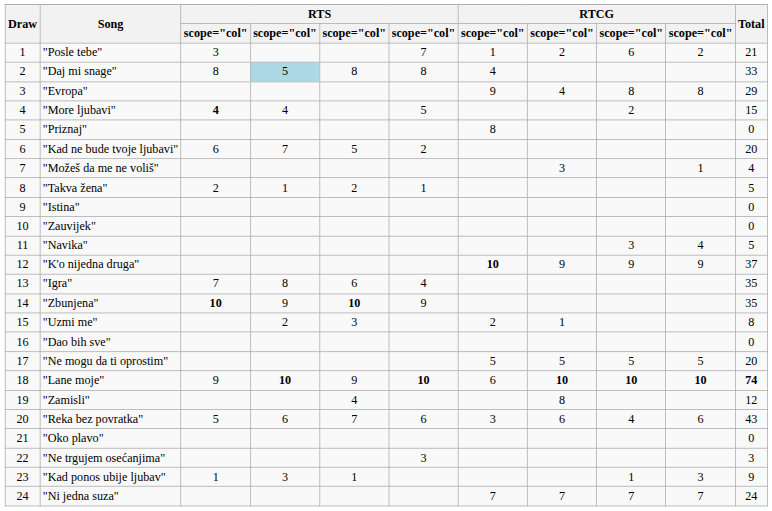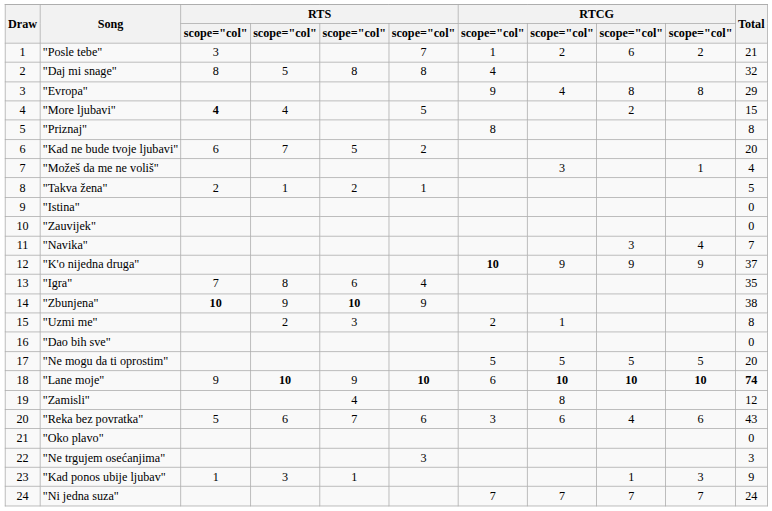 <table class="wikitable plainrowheaders" style="margin: 1em auto 1em auto; text-align:center;">
 <tr>
 </tr>
 <tr>
 <th rowspan="2">Draw</th>
 <th rowspan="2">Song</th>
 <th colspan="4">RTS</th>
 <th colspan="4">RTCG</th>
 <th rowspan="2">Total</th>
 </tr>
 <tr>
 <th>scope="col" </th>
 <th>scope="col" </th>
 <th>scope="col" </th>
 <th>scope="col" </th>
 <th>scope="col" </th>
 <th>scope="col" </th>
 <th>scope="col" </th>
 <th>scope="col" </th>
 </tr>
 <tr>
 <td>1</td>
 <td align="left">"Posle tebe"</td>
 <td>3</td>
 <td></td>
 <td></td>
 <td>7</td>
 <td>1</td>
 <td>2</td>
 <td>6</td>
 <td>2</td>
 <td>21</td>
 </tr>
 <tr>
 <td>2</td>
 <td align="left">"Daj mi snage"</td>
 <td>8</td>
-<td style="background: lightblue;">5</td>
+<td>5</td>
 <td>8</td>
 <td>8</td>
 <td>4</td>
 <td></td>
 <td></td>
 <td></td>
-<td>33</td>
+<td>32</td>
 </tr>
 <tr>
 <td>3</td>
 <td align="left">"Evropa"</td>
 <td></td>
 <td></td>
 <td></td>
 <td></td>
 <td>9</td>
 <td>4</td>
 <td>8</td>
 <td>8</td>
 <td>29</td>
 </tr>
 <tr>
 <td>4</td>
 <td align="left">"More ljubavi"</td>
 <td><strong>4</strong></td>
 <td>4</td>
 <td></td>
 <td>5</td>
 <td></td>
 <td></td>
 <td>2</td>
 <td></td>
 <td>15</td>
 </tr>
 <tr>
 <td>5</td>
 <td align="left">"Priznaj"</td>
 <td></td>
 <td></td>
 <td></td>
 <td></td>
 <td>8</td>
 <td></td>
 <td></td>
 <td></td>
-<td>0</td>
+<td>8</td>
 </tr>
 <tr>
 <td>6</td>
 <td align="left">"Kad ne bude tvoje ljubavi"</td>
 <td>6</td>
 <td>7</td>
 <td>5</td>
 <td>2</td>
 <td></td>
 <td></td>
 <td></td>
 <td></td>
 <td>20</td>
 </tr>
 <tr>
 <td>7</td>
 <td align="left">"Možeš da me ne voliš"</td>
 <td></td>
 <td></td>
 <td></td>
 <td></td>
 <td></td>
 <td>3</td>
 <td></td>
 <td>1</td>
 <td>4</td>
 </tr>
 <tr>
 <td>8</td>
 <td align="left">"Takva žena"</td>
 <td>2</td>
 <td>1</td>
 <td>2</td>
 <td>1</td>
 <td></td>
 <td></td>
 <td></td>
 <td></td>
 <td>5</td>
 </tr>
 <tr>
 <td>9</td>
 <td align="left">"Istina"</td>
 <td></td>
 <td></td>
 <td></td>
 <td></td>
 <td></td>
 <td></td>
 <td></td>
 <td></td>
 <td>0</td>
 </tr>
 <tr>
 <td>10</td>
 <td align="left">"Zauvijek"</td>
 <td></td>
 <td></td>
 <td></td>
 <td></td>
 <td></td>
 <td></td>
 <td></td>
 <td></td>
 <td>0</td>
 </tr>
 <tr>
 <td>11</td>
 <td align="left">"Navika"</td>
 <td></td>
 <td></td>
 <td></td>
 <td></td>
 <td></td>
 <td></td>
 <td>3</td>
 <td>4</td>
-<td>5</td>
+<td>7</td>
 </tr>
 <tr>
 <td>12</td>
 <td align="left">"K'o nijedna druga"</td>
 <td></td>
 <td></td>
 <td></td>
 <td></td>
 <td><strong>10</strong></td>
 <td>9</td>
 <td>9</td>
 <td>9</td>
 <td>37</td>
 </tr>
 <tr>
 <td>13</td>
 <td align="left">"Igra"</td>
 <td>7</td>
 <td>8</td>
 <td>6</td>
 <td>4</td>
 <td></td>
 <td></td>
 <td></td>
 <td></td>
 <td>35</td>
 </tr>
 <tr>
 <td>14</td>
 <td align="left">"Zbunjena"</td>
 <td><strong>10</strong></td>
 <td>9</td>
 <td><strong>10</strong></td>
 <td>9</td>
 <td></td>
 <td></td>
 <td></td>
 <td></td>
-<td>35</td>
+<td>38</td>
 </tr>
 <tr>
 <td>15</td>
 <td align="left">"Uzmi me"</td>
 <td></td>
 <td>2</td>
 <td>3</td>
 <td></td>
 <td>2</td>
 <td>1</td>
 <td></td>
 <td></td>
 <td>8</td>
 </tr>
 <tr>
 <td>16</td>
 <td align="left">"Dao bih sve"</td>
 <td></td>
 <td></td>
 <td></td>
 <td></td>
 <td></td>
 <td></td>
 <td></td>
 <td></td>
 <td>0</td>
 </tr>
 <tr>
 <td>17</td>
 <td align="left">"Ne mogu da ti oprostim"</td>
 <td></td>
 <td></td>
 <td></td>
 <td></td>
 <td>5</td>
 <td>5</td>
 <td>5</td>
 <td>5</td>
 <td>20</td>
 </tr>
 <tr>
 <td>18</td>
 <td align="left">"Lane moje"</td>
 <td>9</td>
 <td><strong>10</strong></td>
 <td>9</td>
 <td><strong>10</strong></td>
 <td>6</td>
 <td><strong>10</strong></td>
 <td><strong>10</strong></td>
 <td><strong>10</strong></td>
 <td><strong>74</strong></td>
 </tr>
 <tr>
 <td>19</td>
 <td align="left">"Zamisli"</td>
 <td></td>
 <td></td>
 <td>4</td>
 <td></td>
 <td></td>
 <td>8</td>
 <td></td>
 <td></td>
 <td>12</td>
 </tr>
 <tr>
 <td>20</td>
 <td align="left">"Reka bez povratka"</td>
 <td>5</td>
 <td>6</td>
 <td>7</td>
 <td>6</td>
 <td>3</td>
 <td>6</td>
 <td>4</td>
 <td>6</td>
 <td>43</td>
 </tr>
 <tr>
 <td>21</td>
 <td align="left">"Oko plavo"</td>
 <td></td>
 <td></td>
 <td></td>
 <td></td>
 <td></td>
 <td></td>
 <td></td>
 <td></td>
 <td>0</td>
 </tr>
 <tr>
 <td>22</td>
 <td align="left">"Ne trgujem osećanjima"</td>
 <td></td>
 <td></td>
 <td></td>
 <td>3</td>
 <td></td>
 <td></td>
 <td></td>
 <td></td>
 <td>3</td>
 </tr>
 <tr>
 <td>23</td>
 <td align="left">"Kad ponos ubije ljubav"</td>
 <td>1</td>
 <td>3</td>
 <td>1</td>
 <td></td>
 <td></td>
 <td></td>
 <td>1</td>
 <td>3</td>
 <td>9</td>
 </tr>
 <tr>
 <td>24</td>
 <td align="left">"Ni jedna suza"</td>
 <td></td>
 <td></td>
 <td></td>
 <td></td>
 <td>7</td>
 <td>7</td>
 <td>7</td>
 <td>7</td>
 <td>24</td>
 </tr>
 </table>
